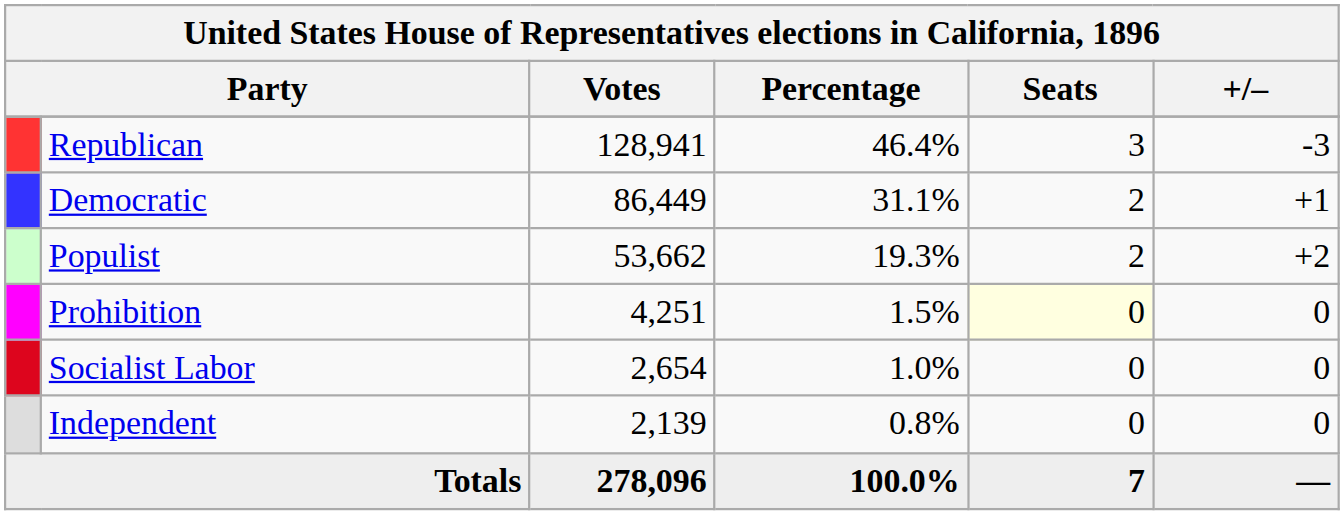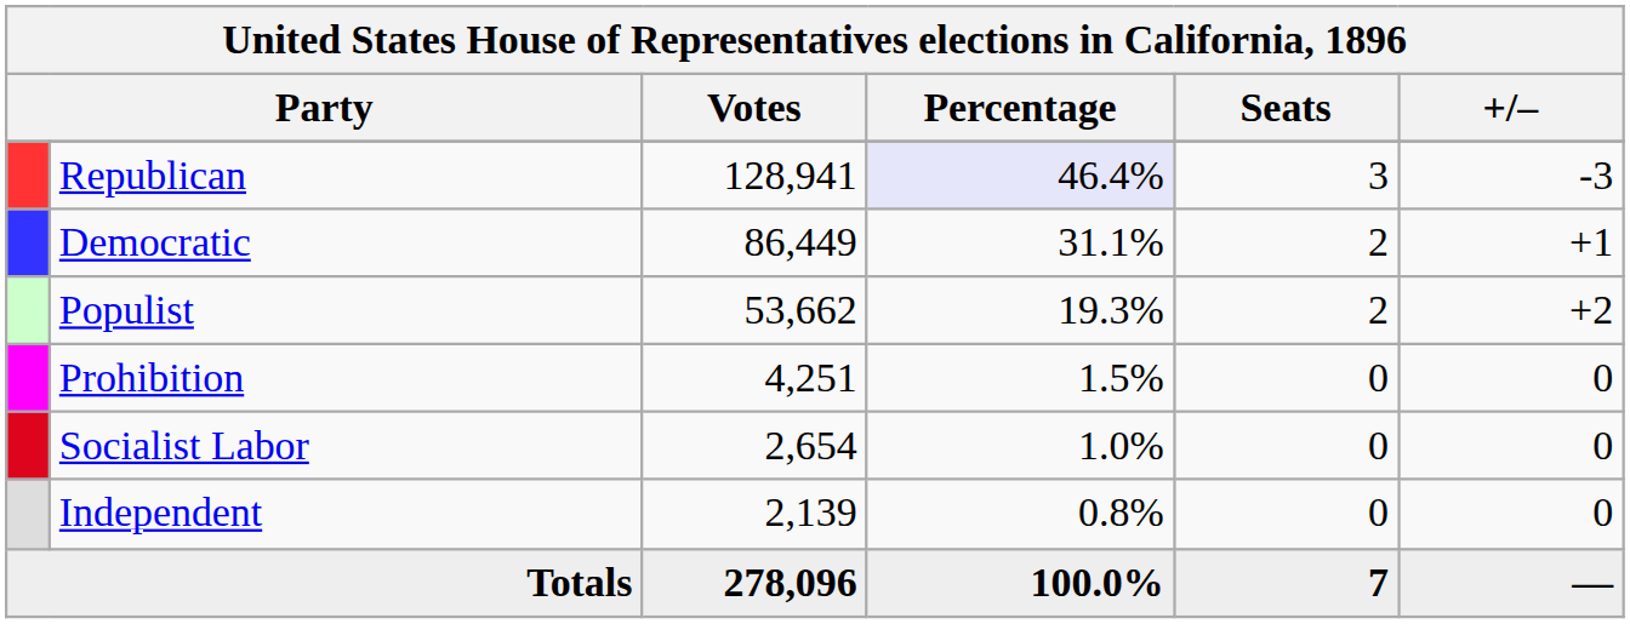 <table class="wikitable" style="font-size: 95%;">
 <tr>
 <th colspan="6">United States House of Representatives elections in California, 1896</th>
 </tr>
 <tr>
 <th colspan=2 style="width: 15em">Party</th>
 <th style="width: 5em">Votes</th>
 <th style="width: 7em">Percentage</th>
 <th style="width: 5em">Seats</th>
 <th style="width: 5em">+/–</th>
 </tr>
 <tr>
 </tr>
 <tr>
 <th style="background-color:#FF3333; width: 3px"></th>
 <td style="width: 130px"><a href='#'>Republican</a></td>
 <td style="text-align:right;">128,941</td>
-<td style="text-align:right;">46.4%</td>
+<td style="background: lavender; text-align:right;">46.4%</td>
 <td style="text-align:right;">3</td>
 <td style="text-align:right;">-3</td>
 </tr>
 <tr>
 <th style="background-color:#3333FF; width: 3px"></th>
 <td style="width: 130px"><a href='#'>Democratic</a></td>
 <td style="text-align:right;">86,449</td>
 <td style="text-align:right;">31.1%</td>
 <td style="text-align:right;">2</td>
 <td style="text-align:right;">+1</td>
 </tr>
 <tr>
 <th style="background-color:#CCFFCC; width: 3px"></th>
 <td style="width: 130px"><a href='#'>Populist</a></td>
 <td style="text-align:right;">53,662</td>
 <td style="text-align:right;">19.3%</td>
 <td style="text-align:right;">2</td>
 <td style="text-align:right;">+2</td>
 </tr>
 <tr>
 <th style="background-color:#FF00FF; width: 3px"></th>
 <td style="width: 130px"><a href='#'>Prohibition</a></td>
 <td style="text-align:right;">4,251</td>
 <td style="text-align:right;">1.5%</td>
-<td style="background: lightyellow; text-align:right;">0</td>
+<td style="text-align:right;">0</td>
 <td style="text-align:right;">0</td>
 </tr>
 <tr>
 <th style="background-color:#DD051D; width: 3px"></th>
 <td style="width: 130px"><a href='#'>Socialist Labor</a></td>
 <td style="text-align:right;">2,654</td>
 <td style="text-align:right;">1.0%</td>
 <td style="text-align:right;">0</td>
 <td style="text-align:right;">0</td>
 </tr>
 <tr>
 <th style="background-color:#DDDDDD; width: 3px"></th>
 <td style="width: 130px"><a href='#'>Independent</a></td>
 <td style="text-align:right;">2,139</td>
 <td style="text-align:right;">0.8%</td>
 <td style="text-align:right;">0</td>
 <td style="text-align:right;">0</td>
 </tr>
 <tr style="background-color:#EEEEEE;">
 <td colspan="2" align="right"><strong>Totals</strong></td>
 <td style="text-align:right;"><strong>278,096</strong></td>
 <td style="text-align:right;"><strong>100.0%</strong></td>
 <td style="text-align:right;"><strong>7</strong></td>
 <td style="text-align:right;"><strong>—</strong></td>
 </tr>
 </table>
